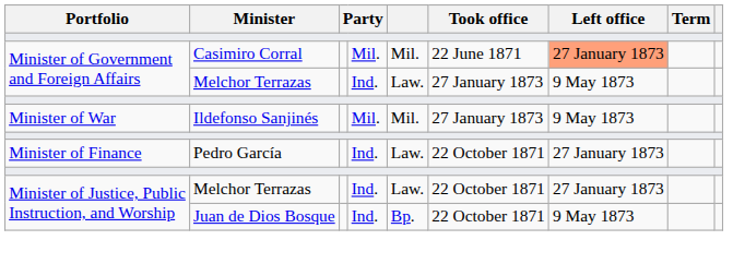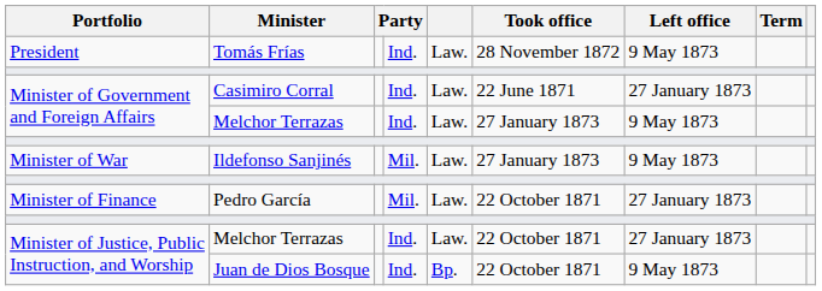 <table class="wikitable" style="font-size:90%;">
 <tr>
 <th>Portfolio</th>
 <th>Minister</th>
 <th colspan="2">Party</th>
 <th></th>
 <th>Took office</th>
 <th>Left office</th>
 <th>Term</th>
 <th></th>
 </tr>
 <tr>
+<td><a href='#'>President</a></td>
+<td><a href='#'>Tomás Frías</a></td>
+<td style="background-color:"></td>
+<td><a href='#'>Ind</a>.</td>
+<td>Law.</td>
+<td>28 November 1872</td>
+<td>9 May 1873</td>
+<td></td>
+<td></td>
+</tr>
+<tr>
 <td colspan="9" bgcolor="#EAECF0"></td>
 </tr>
 <tr>
 <td rowspan=2><a href='#'>Minister of Government<br>and Foreign Affairs</a></td>
 <td><a href='#'>Casimiro Corral</a></td>
 <td style="background-color:"></td>
-<td><a href='#'>Mil</a>.</td>
-<td>Mil.</td>
+<td><a href='#'>Ind</a>.</td>
+<td>Law.</td>
 <td>22 June 1871</td>
-<td style="background: lightsalmon;">27 January 1873</td>
+<td>27 January 1873</td>
 <td></td>
 <td></td>
 </tr>
 <tr>
 <td><a href='#'>Melchor Terrazas</a></td>
 <td style="background-color:"></td>
 <td><a href='#'>Ind</a>.</td>
 <td>Law.</td>
 <td>27 January 1873</td>
 <td>9 May 1873</td>
 <td></td>
 <td></td>
 </tr>
 <tr>
 <td colspan="9" bgcolor="#EAECF0"></td>
 </tr>
 <tr>
 <td><a href='#'>Minister of War</a></td>
 <td><a href='#'>Ildefonso Sanjinés</a></td>
 <td style="background-color:"></td>
 <td><a href='#'>Mil</a>.</td>
-<td>Mil.</td>
+<td>Law.</td>
 <td>27 January 1873</td>
 <td>9 May 1873</td>
 <td></td>
 <td></td>
 </tr>
 <tr>
 <td colspan="9" bgcolor="#EAECF0"></td>
 </tr>
 <tr>
 <td><a href='#'>Minister of Finance</a></td>
 <td>Pedro García</td>
 <td style="background-color:"></td>
-<td><a href='#'>Ind</a>.</td>
+<td><a href='#'>Mil</a>.</td>
 <td>Law.</td>
 <td>22 October 1871</td>
 <td>27 January 1873</td>
 <td></td>
 <td></td>
 </tr>
 <tr>
 <td colspan="9" bgcolor="#EAECF0"></td>
 </tr>
 <tr>
 <td rowspan=2><a href='#'>Minister of Justice, Public<br>Instruction, and Worship</a></td>
 <td>Melchor Terrazas</td>
 <td style="background-color:"></td>
 <td><a href='#'>Ind</a>.</td>
 <td>Law.</td>
 <td>22 October 1871</td>
 <td>27 January 1873</td>
 <td></td>
 <td></td>
 </tr>
 <tr>
 <td><a href='#'>Juan de Dios Bosque</a></td>
 <td style="background-color:"></td>
 <td><a href='#'>Ind</a>.</td>
 <td><a href='#'>Bp</a>.</td>
 <td>22 October 1871</td>
 <td>9 May 1873</td>
 <td></td>
 <td></td>
 </tr>
 </table>
